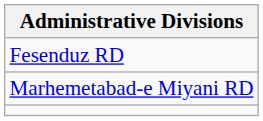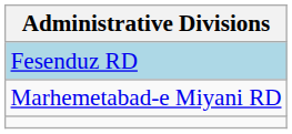 <table class="wikitable">
 <tr>
 <th>Administrative Divisions</th>
 </tr>
 <tr>
-<td><a href='#'>Fesenduz RD</a></td>
+<td style="background: lightblue;"><a href='#'>Fesenduz RD</a></td>
 </tr>
 <tr>
 <td><a href='#'>Marhemetabad-e Miyani RD</a></td>
 </tr>
 <tr>
 <td colspan=1></td>
 </tr>
 </table>
